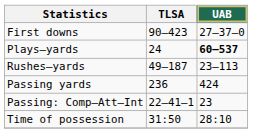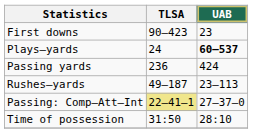 <table class="wikitable" style="float: left;">
 <tr>
 <th>Statistics</th>
 <th>TLSA</th>
 <th style="background-color:#1E6B52;color:#FFFFFF;box-shadow: inset 2px 2px 0 #CDC26C, inset -2px -2px 0 #CDC26C">UAB</th>
 </tr>
 <tr>
 <td>First downs</td>
 <td>90–423</td>
-<td>27–37–0</td>
+<td>23</td>
 </tr>
 <tr>
 <td>Plays–yards</td>
 <td>24</td>
 <td><strong>60–537</strong></td>
 </tr>
 <tr>
+<td>Passing yards</td>
+<td>236</td>
+<td>424</td>
+</tr>
+<tr>
 <td>Rushes–yards</td>
 <td>49–187</td>
 <td>23–113</td>
 </tr>
 <tr>
-<td>Passing yards</td>
-<td>236</td>
-<td>424</td>
-</tr>
-<tr>
 <td>Passing: Comp–Att–Int</td>
-<td>22–41–1</td>
-<td>23</td>
+<td style="background: khaki;">22–41–1</td>
+<td>27–37–0</td>
 </tr>
 <tr>
 <td>Time of possession</td>
 <td>31:50</td>
 <td>28:10</td>
 </tr>
 <tr>
 </tr>
 </table>
